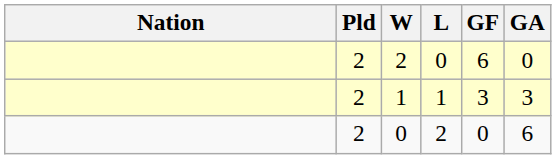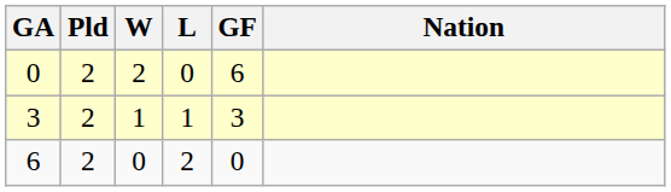 <table class=wikitable style="text-align:center">
 <tr>
-<th width=220>Nation</th>
+<th width=20>GA</th>
 <th width=20>Pld</th>
 <th width=20>W</th>
 <th width=20>L</th>
 <th width=20>GF</th>
-<th width=20>GA</th>
+<th width=220>Nation</th>
 </tr>
 <tr bgcolor=#ffffcc>
-<td align=left></td>
+<td>0</td>
 <td>2</td>
 <td>2</td>
 <td>0</td>
 <td>6</td>
-<td>0</td>
+<td align=left></td>
 </tr>
 <tr bgcolor=#ffffcc>
-<td align=left></td>
+<td>3</td>
 <td>2</td>
 <td>1</td>
 <td>1</td>
 <td>3</td>
-<td>3</td>
+<td align=left></td>
 </tr>
 <tr>
-<td align=left></td>
+<td>6</td>
 <td>2</td>
 <td>0</td>
 <td>2</td>
 <td>0</td>
-<td>6</td>
+<td align=left></td>
 </tr>
 </table>
